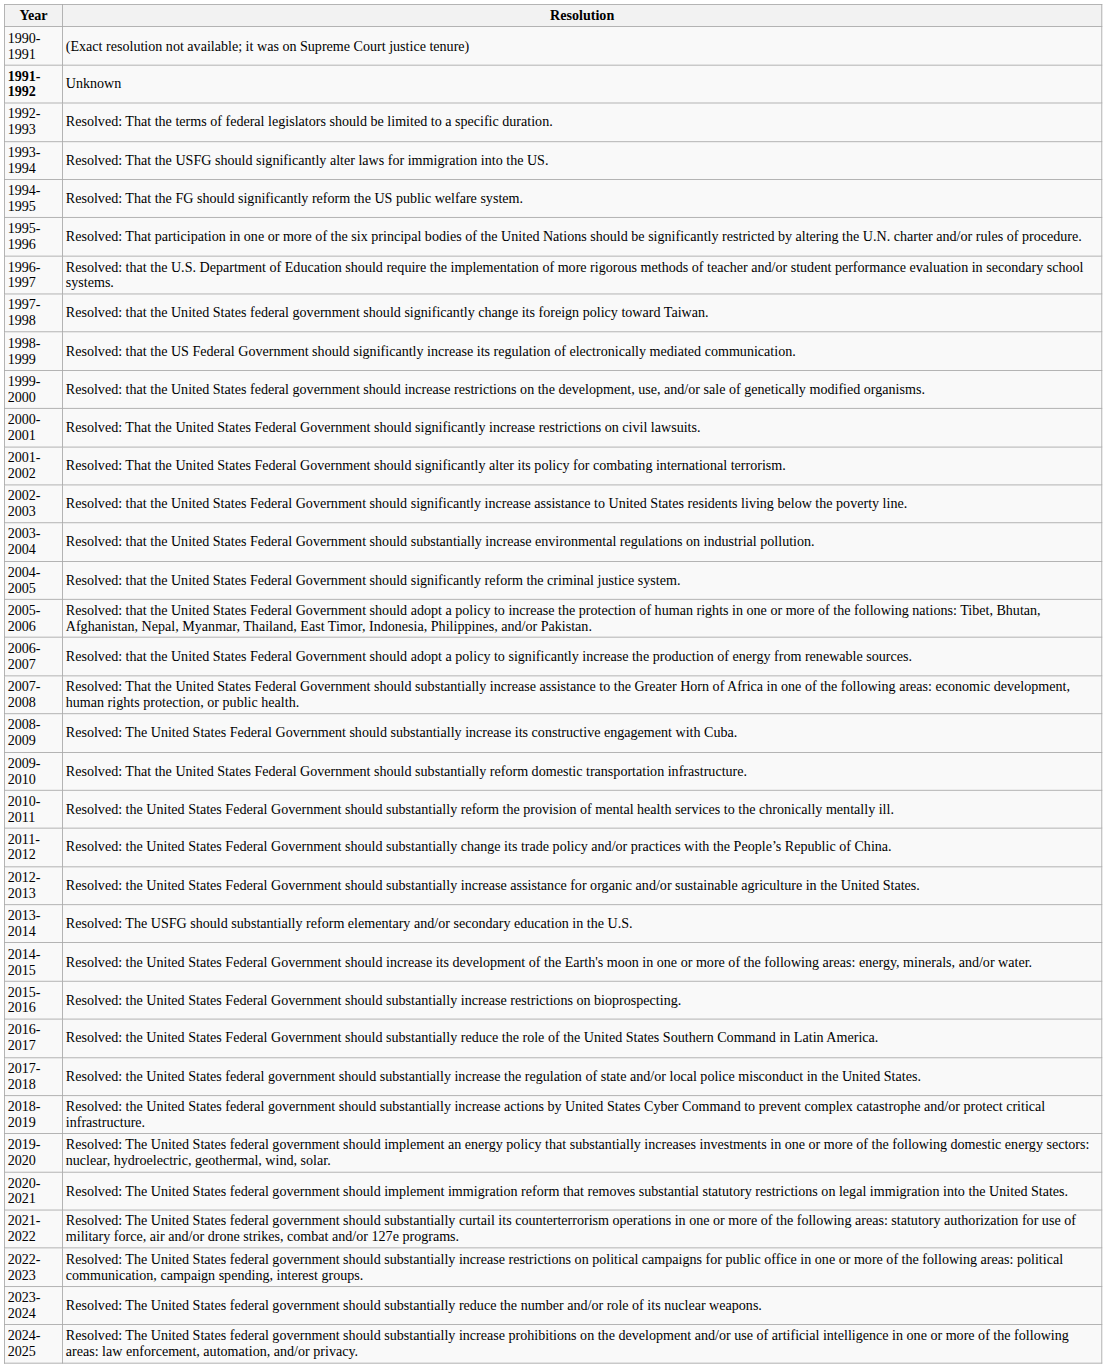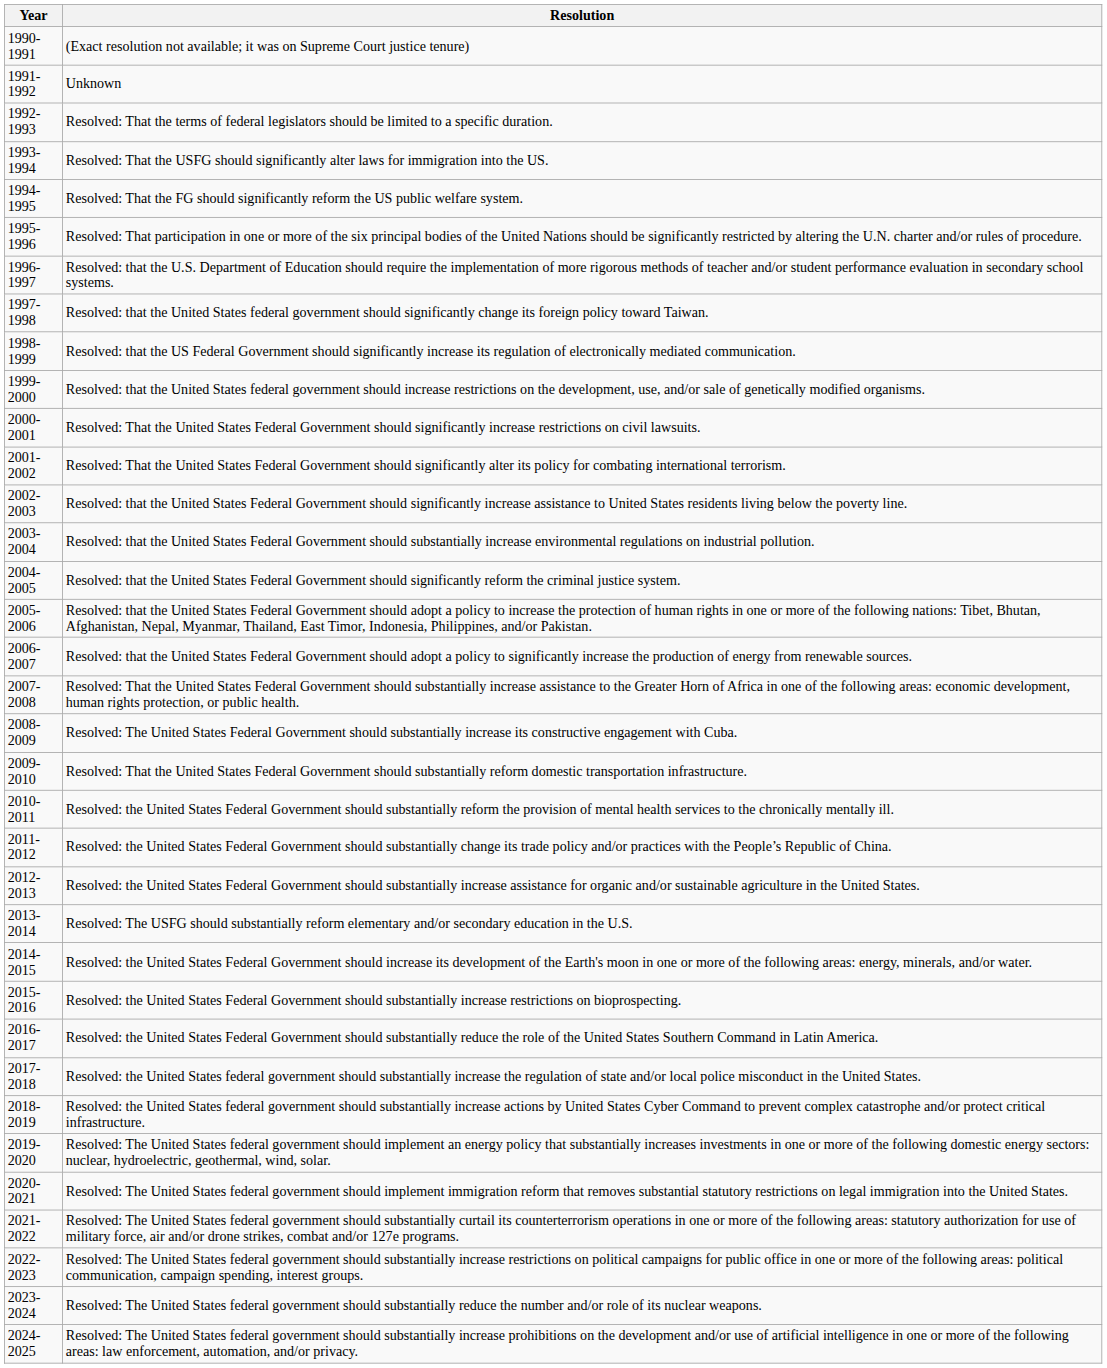 <table class="wikitable">
 <tr>
 <th>Year</th>
 <th>Resolution</th>
 </tr>
 <tr>
 <td>1990-1991</td>
 <td>(Exact resolution not available; it was on Supreme Court justice tenure)</td>
 </tr>
 <tr>
-<td><strong>1991-1992</strong></td>
+<td>1991-1992</td>
 <td>Unknown</td>
 </tr>
 <tr>
 <td>1992-1993</td>
 <td>Resolved: That the terms of federal legislators should be limited to a specific duration.</td>
 </tr>
 <tr>
 <td>1993-1994</td>
 <td>Resolved: That the USFG should significantly alter laws for immigration into the US.</td>
 </tr>
 <tr>
 <td>1994-1995</td>
 <td>Resolved: That the FG should significantly reform the US public welfare system.</td>
 </tr>
 <tr>
 <td>1995-1996</td>
 <td>Resolved: That participation in one or more of the six principal bodies of the United Nations should be significantly restricted by altering the U.N. charter and/or rules of procedure.</td>
 </tr>
 <tr>
 <td>1996-1997</td>
 <td>Resolved: that the U.S. Department of Education should require the implementation of more rigorous methods of teacher and/or student performance evaluation in secondary school systems.</td>
 </tr>
 <tr>
 <td>1997-1998</td>
 <td>Resolved: that the United States federal government should significantly change its foreign policy toward Taiwan.</td>
 </tr>
 <tr>
 <td>1998-1999</td>
 <td>Resolved: that the US Federal Government should significantly increase its regulation of electronically mediated communication.</td>
 </tr>
 <tr>
 <td>1999-2000</td>
 <td>Resolved: that the United States federal government should increase restrictions on the development, use, and/or sale of genetically modified organisms.</td>
 </tr>
 <tr>
 <td>2000-2001</td>
 <td>Resolved: That the United States Federal Government should significantly increase restrictions on civil lawsuits.</td>
 </tr>
 <tr>
 <td>2001-2002</td>
 <td>Resolved: That the United States Federal Government should significantly alter its policy for combating international terrorism.</td>
 </tr>
 <tr>
 <td>2002-2003</td>
 <td>Resolved: that the United States Federal Government should significantly increase assistance to United States residents living below the poverty line.</td>
 </tr>
 <tr>
 <td>2003-2004</td>
 <td>Resolved: that the United States Federal Government should substantially increase environmental regulations on industrial pollution.</td>
 </tr>
 <tr>
 <td>2004-2005</td>
 <td>Resolved: that the United States Federal Government should significantly reform the criminal justice system.</td>
 </tr>
 <tr>
 <td>2005-2006</td>
 <td>Resolved: that the United States Federal Government should adopt a policy to increase the protection of human rights in one or more of the following nations: Tibet, Bhutan, Afghanistan, Nepal, Myanmar, Thailand, East Timor, Indonesia, Philippines, and/or Pakistan.</td>
 </tr>
 <tr>
 <td>2006-2007</td>
 <td>Resolved: that the United States Federal Government should adopt a policy to significantly increase the production of energy from renewable sources.</td>
 </tr>
 <tr>
 <td>2007-2008</td>
 <td>Resolved: That the United States Federal Government should substantially increase assistance to the Greater Horn of Africa in one of the following areas: economic development, human rights protection, or public health.</td>
 </tr>
 <tr>
 <td>2008-2009</td>
 <td>Resolved: The United States Federal Government should substantially increase its constructive engagement with Cuba.</td>
 </tr>
 <tr>
 <td>2009-2010</td>
 <td>Resolved: That the United States Federal Government should substantially reform domestic transportation infrastructure.</td>
 </tr>
 <tr>
 <td>2010-2011</td>
 <td>Resolved: the United States Federal Government should substantially reform the provision of mental health services to the chronically mentally ill.</td>
 </tr>
 <tr>
 <td>2011-2012</td>
 <td>Resolved: the United States Federal Government should substantially change its trade policy and/or practices with the People’s Republic of China.</td>
 </tr>
 <tr>
 <td>2012-2013</td>
 <td>Resolved: the United States Federal Government should substantially increase assistance for organic and/or sustainable agriculture in the United States.</td>
 </tr>
 <tr>
 <td>2013-2014</td>
 <td>Resolved: The USFG should substantially reform elementary and/or secondary education in the U.S.</td>
 </tr>
 <tr>
 <td>2014-2015</td>
 <td>Resolved: the United States Federal Government should increase its development of the Earth's moon in one or more of the following areas: energy, minerals, and/or water.</td>
 </tr>
 <tr>
 <td>2015-2016</td>
 <td>Resolved: the United States Federal Government should substantially increase restrictions on bioprospecting.</td>
 </tr>
 <tr>
 <td>2016-2017</td>
 <td>Resolved: the United States Federal Government should substantially reduce the role of the United States Southern Command in Latin America.</td>
 </tr>
 <tr>
 <td>2017-2018</td>
 <td>Resolved: the United States federal government should substantially increase the regulation of state and/or local police misconduct in the United States.</td>
 </tr>
 <tr>
 <td>2018-2019</td>
 <td>Resolved: the United States federal government should substantially increase actions by United States Cyber Command to prevent complex catastrophe and/or protect critical infrastructure.</td>
 </tr>
 <tr>
 <td>2019-2020</td>
 <td>Resolved: The United States federal government should implement an energy policy that substantially increases investments in one or more of the following domestic energy sectors: nuclear, hydroelectric, geothermal, wind, solar.</td>
 </tr>
 <tr>
 <td>2020-2021</td>
 <td>Resolved: The United States federal government should implement immigration reform that removes substantial statutory restrictions on legal immigration into the United States.</td>
 </tr>
 <tr>
 <td>2021-2022</td>
 <td>Resolved: The United States federal government should substantially curtail its counterterrorism operations in one or more of the following areas: statutory authorization for use of military force, air and/or drone strikes, combat and/or 127e programs.</td>
 </tr>
 <tr>
 <td>2022-2023</td>
 <td>Resolved: The United States federal government should substantially increase restrictions on political campaigns for public office in one or more of the following areas: political communication, campaign spending, interest groups.</td>
 </tr>
 <tr>
 <td>2023-2024</td>
 <td>Resolved: The United States federal government should substantially reduce the number and/or role of its nuclear weapons.</td>
 </tr>
 <tr>
 <td>2024-2025</td>
 <td>Resolved: The United States federal government should substantially increase prohibitions on the development and/or use of artificial intelligence in one or more of the following areas: law enforcement, automation, and/or privacy.</td>
 </tr>
 </table>
